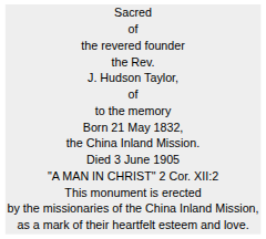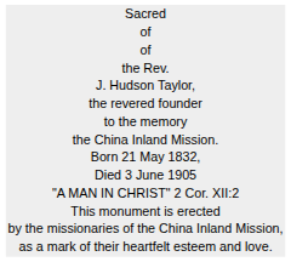 <table bgcolor="#eeeeee" align="center">
 <tr>
 <td align="center">Sacred</td>
 </tr>
 <tr>
 <td align="center">of</td>
 </tr>
 <tr>
-<td align="center">the revered founder</td>
+<td align="center">of</td>
 </tr>
 <tr>
 <td align="center">the Rev.</td>
 </tr>
 <tr>
 <td align="center">J. Hudson Taylor,</td>
 </tr>
 <tr>
-<td align="center">of</td>
+<td align="center">the revered founder</td>
 </tr>
 <tr>
 <td align="center">to the memory</td>
 </tr>
 <tr>
-<td align="center">Born 21 May 1832,</td>
+<td align="center">the China Inland Mission.</td>
 </tr>
 <tr>
-<td align="center">the China Inland Mission.</td>
+<td align="center">Born 21 May 1832,</td>
 </tr>
 <tr>
 <td align="center">Died 3 June 1905</td>
 </tr>
 <tr>
 <td align="center">"A MAN IN CHRIST" 2 Cor. XII:2</td>
 </tr>
 <tr>
 <td align="center">This monument is erected</td>
 </tr>
 <tr>
 <td align="center">by the missionaries of the China Inland Mission,</td>
 </tr>
 <tr>
 <td align="center">as a mark of their heartfelt esteem and love.</td>
 </tr>
 </table>
